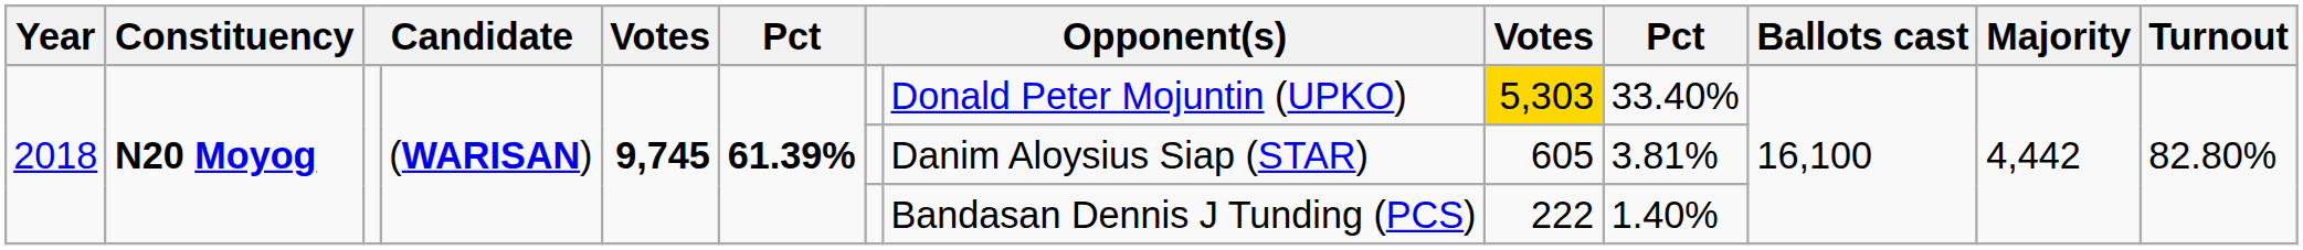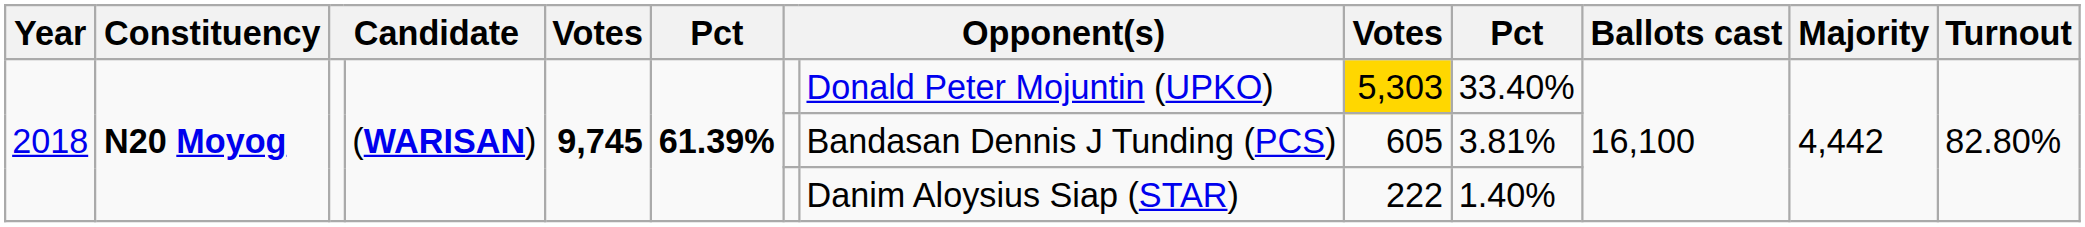 <table class="wikitable" style="margin:0.5em ; font-size:95%">
 <tr>
 <th>Year</th>
 <th>Constituency</th>
 <th colspan=2>Candidate</th>
 <th>Votes</th>
 <th>Pct</th>
 <th colspan=2>Opponent(s)</th>
 <th>Votes</th>
 <th>Pct</th>
 <th>Ballots cast</th>
 <th>Majority</th>
 <th>Turnout</th>
 </tr>
 <tr>
 <td rowspan=3><a href='#'>2018</a></td>
 <td rowspan=3><strong>N20 <a href='#'>Moyog</a></strong></td>
 <td rowspan=3 ></td>
 <td rowspan=3> (<a href='#'><strong>WARISAN</strong></a>)</td>
 <td rowspan=3 align="right"><strong>9,745</strong></td>
 <td rowspan=3><strong>61.39%</strong></td>
 <td></td>
 <td><a href='#'>Donald Peter Mojuntin</a> (<a href='#'>UPKO</a>)</td>
 <td align="right" style="background: gold;">5,303</td>
 <td>33.40%</td>
 <td rowspan=3>16,100</td>
 <td rowspan=3>4,442</td>
 <td rowspan=3>82.80%</td>
 </tr>
 <tr>
 <td></td>
-<td>Danim Aloysius Siap (<a href='#'>STAR</a>)</td>
+<td>Bandasan Dennis J Tunding (<a href='#'>PCS</a>)</td>
 <td align="right">605</td>
 <td>3.81%</td>
 </tr>
 <tr>
 <td></td>
-<td>Bandasan Dennis J Tunding (<a href='#'>PCS</a>)</td>
+<td>Danim Aloysius Siap (<a href='#'>STAR</a>)</td>
 <td align="right">222</td>
 <td>1.40%</td>
 </tr>
 </table>
